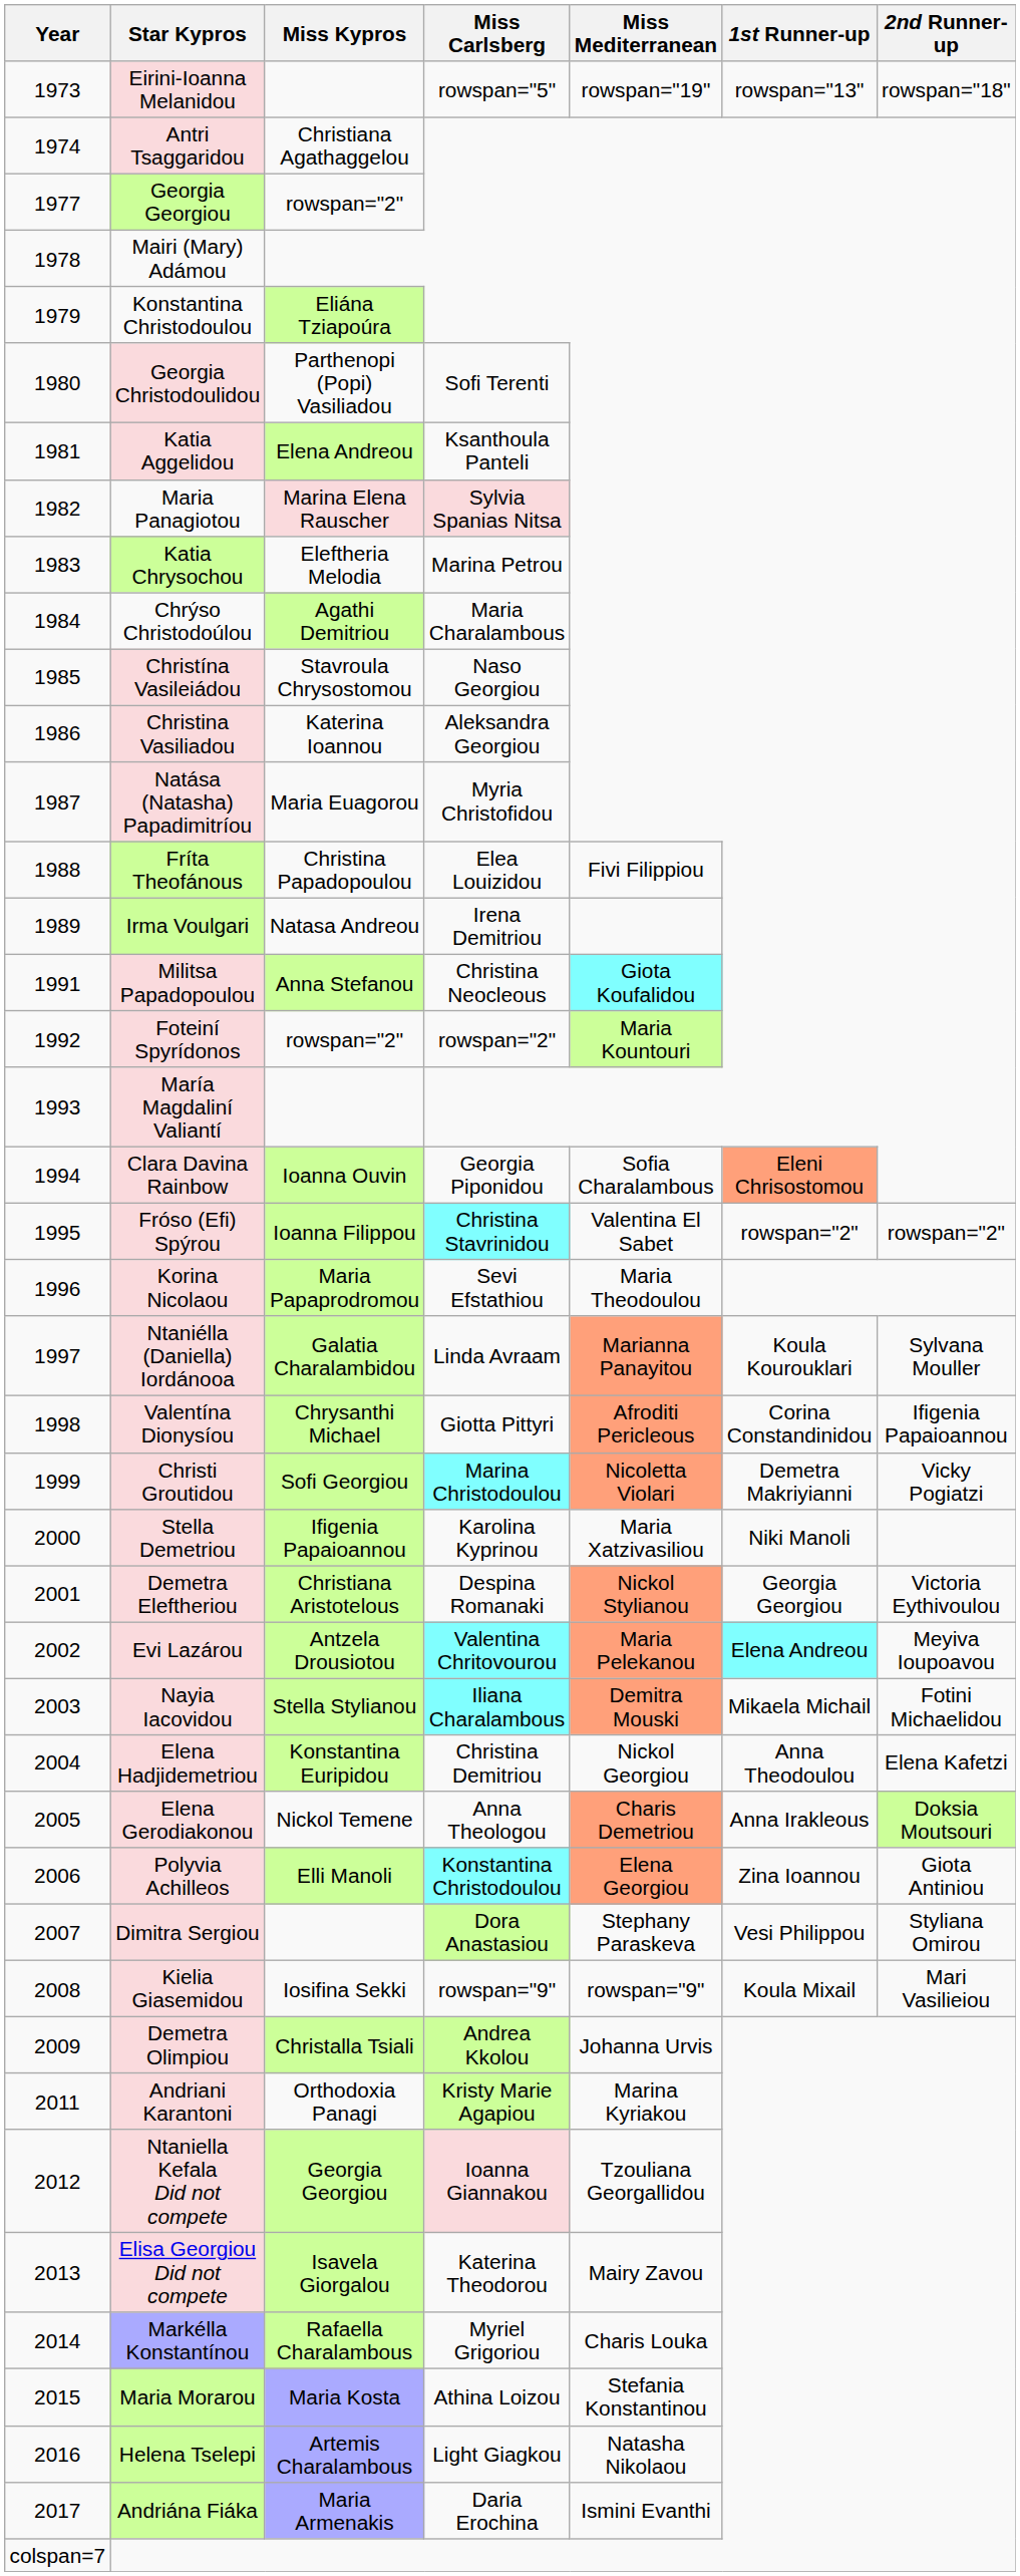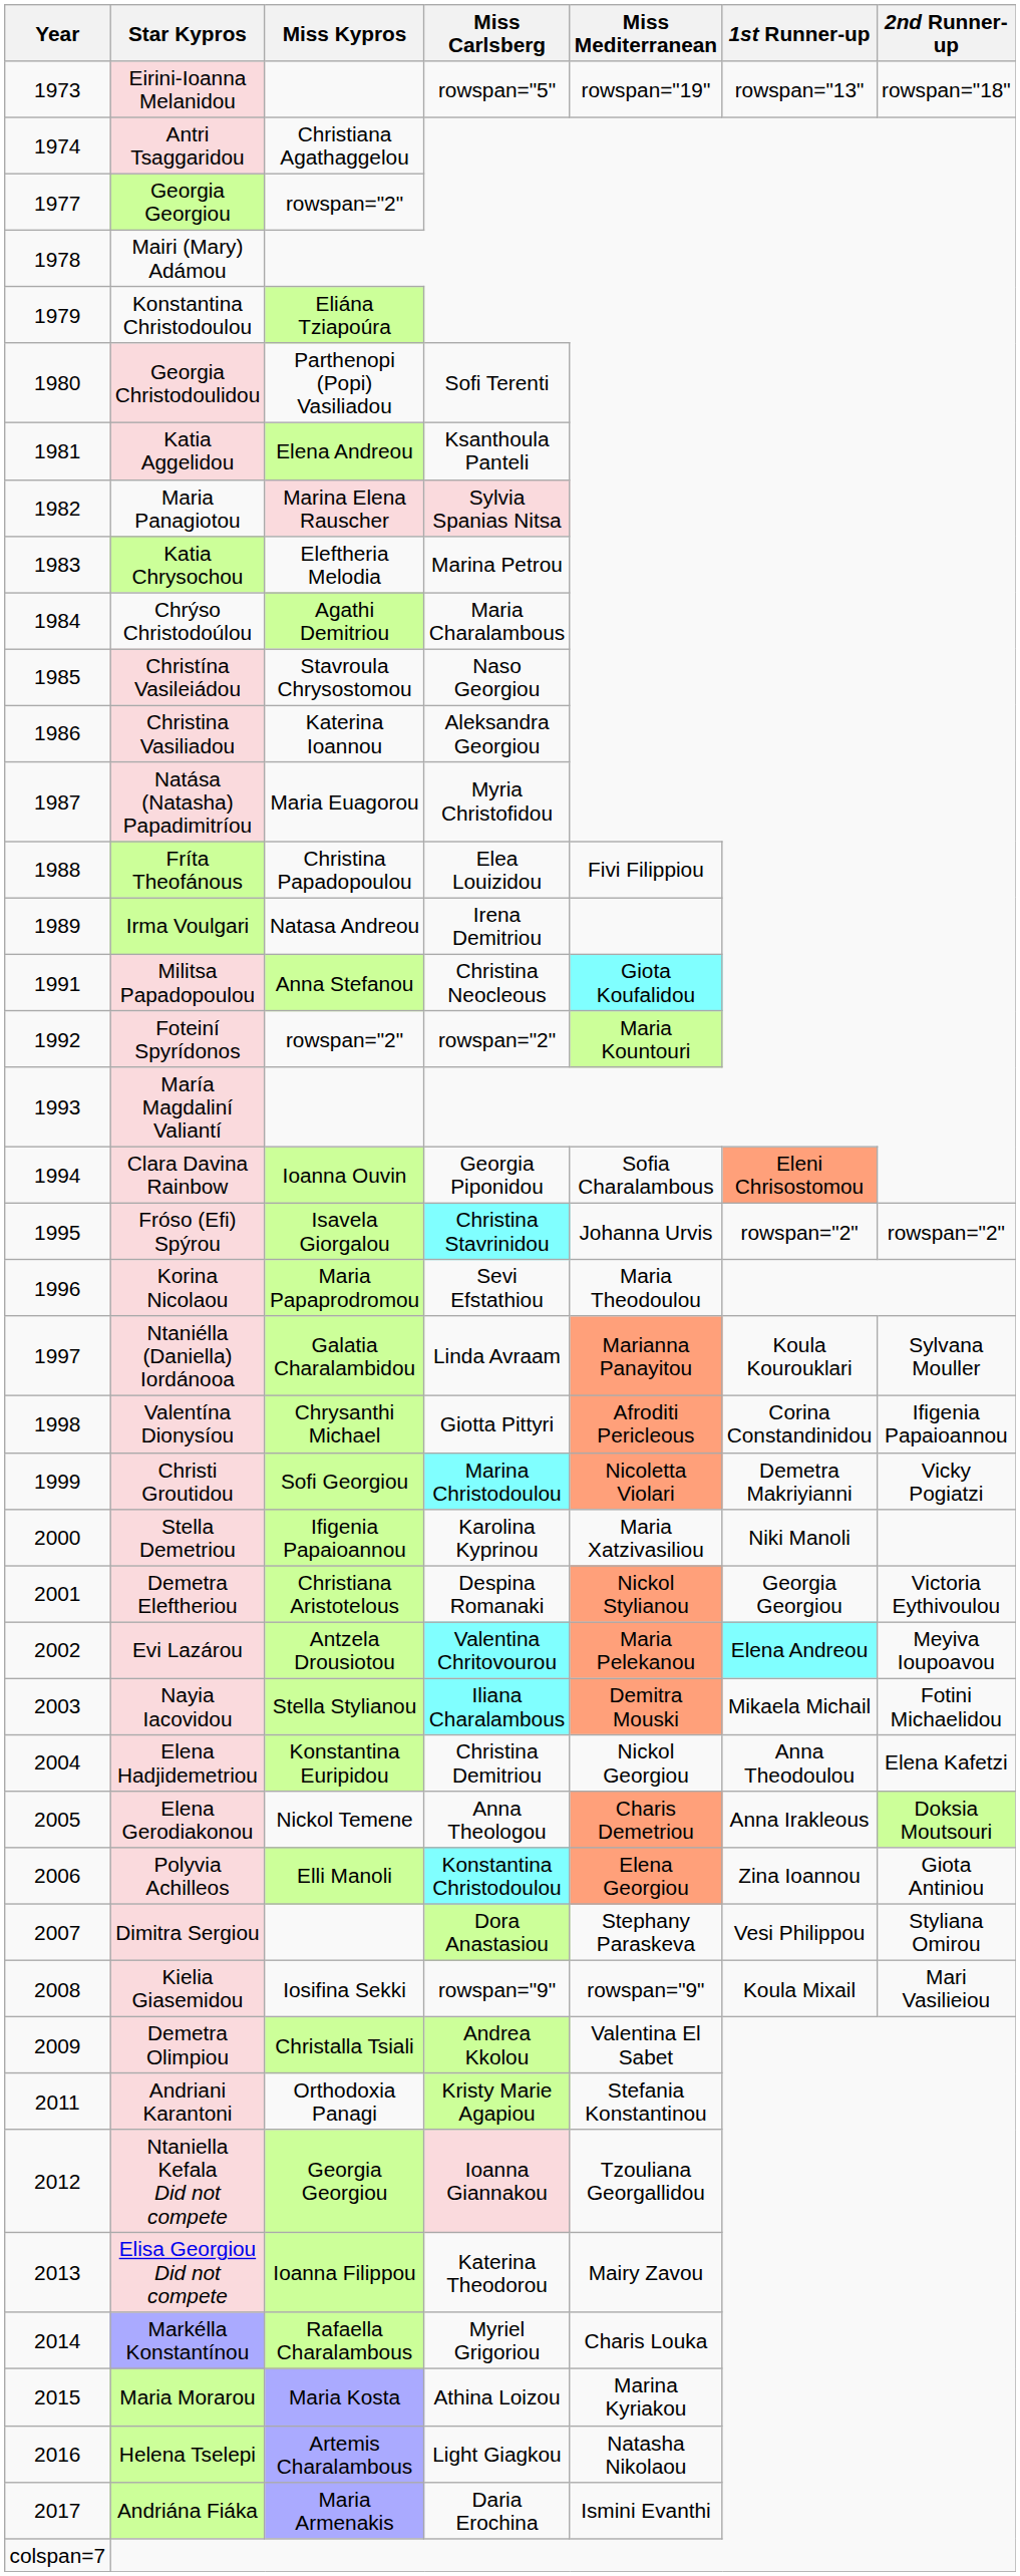 <table class="wikitable sortable" style="font-size:95%; text-align:center;">
 <tr>
 <th !width="60">Year</th>
 <th width="250">Star Kypros</th>
 <th width="250">Miss Kypros</th>
 <th width="250">Miss Carlsberg</th>
 <th width="250">Miss Mediterranean</th>
 <th width="250"><em>1st</em> Runner-up</th>
 <th width="250"><em>2nd</em> Runner-up</th>
 </tr>
 <tr>
 <td>1973</td>
 <td style="background:#fadadd;">Eirini-Ioanna Melanidou</td>
 <td></td>
 <td>rowspan="5" </td>
 <td>rowspan="19" </td>
 <td>rowspan="13" </td>
 <td>rowspan="18" </td>
 </tr>
 <tr>
 <td>1974</td>
 <td style="background:#fadadd;">Antri Tsaggaridou</td>
 <td>Christiana Agathaggelou</td>
 </tr>
 <tr>
 <td>1977</td>
 <td style="background:#ccff99;">Georgia Georgiou</td>
 <td>rowspan="2" </td>
 </tr>
 <tr>
 <td>1978</td>
 <td>Mairi (Mary) Adámou</td>
 </tr>
 <tr>
 <td>1979</td>
 <td>Konstantina Christodoulou</td>
 <td style="background:#ccff99;">Eliána Tziapoúra</td>
 </tr>
 <tr>
 <td>1980</td>
 <td style="background:#fadadd;">Georgia Christodoulidou</td>
 <td>Parthenopi (Popi) Vasiliadou</td>
 <td>Sofi Terenti</td>
 </tr>
 <tr>
 <td>1981</td>
 <td style="background:#fadadd;">Katia Aggelidou</td>
 <td style="background:#ccff99;">Elena Andreou</td>
 <td>Ksanthoula Panteli</td>
 </tr>
 <tr>
 <td>1982</td>
 <td>Maria Panagiotou</td>
 <td style="background:#fadadd;">Marina Elena Rauscher</td>
 <td style="background:#fadadd;">Sylvia Spanias Nitsa</td>
 </tr>
 <tr>
 <td>1983</td>
 <td style="background:#ccff99;">Katia Chrysochou</td>
 <td>Eleftheria Melodia</td>
 <td>Marina Petrou</td>
 </tr>
 <tr>
 <td>1984</td>
 <td>Chrýso Christodoúlou</td>
 <td style="background:#ccff99;">Agathi Demitriou</td>
 <td>Maria Charalambous</td>
 </tr>
 <tr>
 <td>1985</td>
 <td style="background:#fadadd;">Christína Vasileiádou</td>
 <td>Stavroula Chrysostomou</td>
 <td>Naso Georgiou</td>
 </tr>
 <tr>
 <td>1986</td>
 <td style="background:#fadadd;">Christina Vasiliadou</td>
 <td>Katerina Ioannou</td>
 <td>Aleksandra Georgiou</td>
 </tr>
 <tr>
 <td>1987</td>
 <td style="background:#fadadd;">Natása (Natasha) Papadimitríou</td>
 <td>Maria Euagorou</td>
 <td>Myria Christofidou</td>
 </tr>
 <tr>
 <td>1988</td>
 <td style="background:#ccff99;">Fríta Theofánous</td>
 <td>Christina Papadopoulou</td>
 <td>Elea Louizidou</td>
 <td>Fivi Filippiou</td>
 </tr>
 <tr>
 <td>1989</td>
 <td style="background:#ccff99;">Irma Voulgari</td>
 <td>Natasa Andreou</td>
 <td>Irena Demitriou</td>
 <td></td>
 </tr>
 <tr>
 <td>1991</td>
 <td style="background:#fadadd;">Militsa Papadopoulou</td>
 <td style="background:#ccff99;">Anna Stefanou</td>
 <td>Christina Neocleous</td>
 <td style="background:#80FFFF;">Giota Koufalidou</td>
 </tr>
 <tr>
 <td>1992</td>
 <td style="background:#fadadd;">Foteiní Spyrídonos</td>
 <td>rowspan="2" </td>
 <td>rowspan="2" </td>
 <td style="background:#ccff99;">Maria Kountouri</td>
 </tr>
 <tr>
 <td>1993</td>
 <td style="background:#fadadd;">María Magdaliní Valiantí</td>
 <td></td>
 </tr>
 <tr>
 <td>1994</td>
 <td style="background:#fadadd;">Clara Davina Rainbow</td>
 <td style="background:#ccff99;">Ioanna Ouvin</td>
 <td>Georgia Piponidou</td>
 <td>Sofia Charalambous</td>
 <td style="background:#FFA07A;">Eleni Chrisostomou</td>
 </tr>
 <tr>
 <td>1995</td>
 <td style="background:#fadadd;">Fróso (Efi) Spýrou</td>
-<td style="background:#ccff99;">Ioanna Filippou</td>
+<td style="background:#ccff99;">Isavela Giorgalou</td>
 <td style="background:#80FFFF;">Christina Stavrinidou</td>
-<td>Valentina El Sabet</td>
+<td>Johanna Urvis</td>
 <td>rowspan="2" </td>
 <td>rowspan="2" </td>
 </tr>
 <tr>
 <td>1996</td>
 <td style="background:#fadadd;">Korina Nicolaou</td>
 <td style="background:#ccff99;">Maria Papaprodromou</td>
 <td>Sevi Efstathiou</td>
 <td>Maria Theodoulou</td>
 </tr>
 <tr>
 <td>1997</td>
 <td style="background:#fadadd;">Ntaniélla (Daniella) Iordánooa</td>
 <td style="background:#ccff99;">Galatia Charalambidou</td>
 <td>Linda Avraam</td>
 <td style="background:#FFA07A;">Marianna Panayitou</td>
 <td>Koula Kourouklari</td>
 <td>Sylvana Mouller</td>
 </tr>
 <tr>
 <td>1998</td>
 <td style="background:#fadadd;">Valentína Dionysíou</td>
 <td style="background:#ccff99;">Chrysanthi Michael</td>
 <td>Giotta Pittyri</td>
 <td style="background:#FFA07A;">Afroditi Pericleous</td>
 <td>Corina Constandinidou</td>
 <td>Ifigenia Papaioannou</td>
 </tr>
 <tr>
 <td>1999</td>
 <td style="background:#fadadd;">Christi Groutidou</td>
 <td style="background:#ccff99;">Sofi Georgiou</td>
 <td style="background:#80FFFF;">Marina Christodoulou</td>
 <td style="background:#FFA07A;">Nicoletta Violari</td>
 <td>Demetra Makriyianni</td>
 <td>Vicky Pogiatzi</td>
 </tr>
 <tr>
 <td>2000</td>
 <td style="background:#fadadd;">Stella Demetriou</td>
 <td style="background:#ccff99;">Ifigenia Papaioannou</td>
 <td>Karolina Kyprinou</td>
 <td>Maria Xatzivasiliou</td>
 <td>Niki Manoli</td>
 <td></td>
 </tr>
 <tr>
 <td>2001</td>
 <td style="background:#fadadd;">Demetra Eleftheriou</td>
 <td style="background:#ccff99;">Christiana Aristotelous</td>
 <td>Despina Romanaki</td>
 <td style="background:#FFA07A;">Nickol Stylianou</td>
 <td>Georgia Georgiou</td>
 <td>Victoria Eythivoulou</td>
 </tr>
 <tr>
 <td>2002</td>
 <td style="background:#fadadd;">Evi Lazárou</td>
 <td style="background:#ccff99;">Antzela Drousiotou</td>
 <td style="background:#80FFFF;">Valentina Chritovourou</td>
 <td style="background:#FFA07A;">Maria Pelekanou</td>
 <td style="background:#80FFFF;">Elena Andreou</td>
 <td>Meyiva Ioupoavou</td>
 </tr>
 <tr>
 <td>2003</td>
 <td style="background:#fadadd;">Nayia Iacovidou</td>
 <td style="background:#ccff99;">Stella Stylianou</td>
 <td style="background:#80FFFF;">Iliana Charalambous</td>
 <td style="background:#FFA07A;">Demitra Mouski</td>
 <td>Mikaela Michail</td>
 <td>Fotini Michaelidou</td>
 </tr>
 <tr>
 <td>2004</td>
 <td style="background:#fadadd;">Elena Hadjidemetriou</td>
 <td style="background:#ccff99;">Konstantina Euripidou</td>
 <td>Christina Demitriou</td>
 <td>Nickol Georgiou</td>
 <td>Anna Theodoulou</td>
 <td>Elena Kafetzi</td>
 </tr>
 <tr>
 <td>2005</td>
 <td style="background:#fadadd;">Elena Gerodiakonou</td>
 <td>Nickol Temene</td>
 <td>Anna Theologou</td>
 <td style="background:#FFA07A;">Charis Demetriou</td>
 <td>Anna Irakleous</td>
 <td style="background:#ccff99;">Doksia Moutsouri</td>
 </tr>
 <tr>
 <td>2006</td>
 <td style="background:#fadadd;">Polyvia Achilleos</td>
 <td style="background:#ccff99;">Elli Manoli</td>
 <td style="background:#80FFFF;">Konstantina Christodoulou</td>
 <td style="background:#FFA07A;">Elena Georgiou</td>
 <td>Zina Ioannou</td>
 <td>Giota Antiniou</td>
 </tr>
 <tr>
 <td>2007</td>
 <td style="background:#fadadd;">Dimitra Sergiou</td>
 <td></td>
 <td style="background:#ccff99;">Dora Anastasiou</td>
 <td>Stephany Paraskeva</td>
 <td>Vesi Philippou</td>
 <td>Styliana Omirou</td>
 </tr>
 <tr>
 <td>2008</td>
 <td style="background:#fadadd;">Kielia Giasemidou</td>
 <td>Iosifina Sekki</td>
 <td>rowspan="9" </td>
 <td>rowspan="9" </td>
 <td>Koula Mixail</td>
 <td>Mari Vasilieiou</td>
 </tr>
 <tr>
 <td>2009</td>
 <td style="background:#fadadd;">Demetra Olimpiou</td>
 <td style="background:#ccff99;">Christalla Tsiali</td>
 <td style="background:#ccff99;">Andrea Kkolou</td>
-<td>Johanna Urvis</td>
+<td>Valentina El Sabet</td>
 </tr>
 <tr>
 <td>2011</td>
 <td style="background:#fadadd;">Andriani Karantoni</td>
 <td>Orthodoxia Panagi</td>
 <td style="background:#ccff99;">Kristy Marie Agapiou</td>
-<td>Marina Kyriakou</td>
+<td>Stefania Konstantinou</td>
 </tr>
 <tr>
 <td>2012</td>
 <td style="background:#fadadd;">Ntaniella Kefala<br><em>Did not compete</em></td>
 <td style="background:#ccff99;">Georgia Georgiou</td>
 <td style="background:#fadadd;">Ioanna Giannakou</td>
 <td>Tzouliana Georgallidou</td>
 </tr>
 <tr>
 <td>2013</td>
 <td style="background:#fadadd;"><a href='#'>Elisa Georgiou</a><br><em>Did not compete</em></td>
-<td style="background:#ccff99;">Isavela Giorgalou</td>
+<td style="background:#ccff99;">Ioanna Filippou</td>
 <td>Katerina Theodorou</td>
 <td>Mairy Zavou</td>
 </tr>
 <tr>
 <td>2014</td>
 <td style="background:#AAAAFF">Markélla Konstantínou</td>
 <td style="background:#ccff99;">Rafaella Charalambous</td>
 <td>Myriel Grigoriou</td>
 <td>Charis Louka</td>
 </tr>
 <tr>
 <td>2015</td>
 <td style="background:#ccff99;">Maria Morarou</td>
 <td style="background:#AAAAFF">Maria Kosta</td>
 <td>Athina Loizou</td>
-<td>Stefania Konstantinou</td>
+<td>Marina Kyriakou</td>
 </tr>
 <tr>
 <td>2016</td>
 <td style="background:#ccff99;">Helena Tselepi</td>
 <td style="background:#AAAAFF">Artemis Charalambous</td>
 <td>Light Giagkou</td>
 <td>Natasha Nikolaou</td>
 </tr>
 <tr>
 <td>2017</td>
 <td style="background:#ccff99;">Andriána Fiáka</td>
 <td style="background:#AAAAFF">Maria Armenakis</td>
 <td>Daria Erochina</td>
 <td>Ismini Evanthi</td>
 </tr>
 <tr>
 <td>colspan=7 </td>
 </tr>
 <tr>
 </tr>
 </table>
